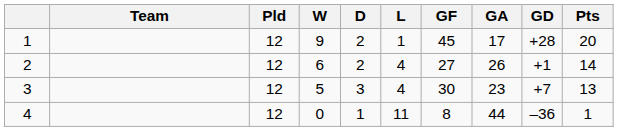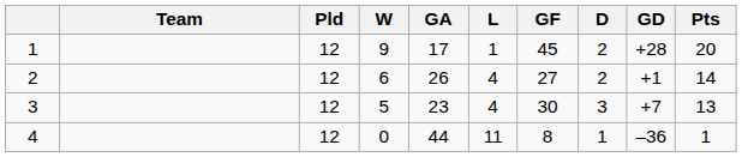 <table class="wikitable" style="text-align: center;">
 <tr>
 <th style="width: 40px;"></th>
 <th style="width: 200px;">Team</th>
 <th style="width: 45px;">Pld</th>
 <th style="width: 35px;">W</th>
-<th style="width: 35px;">D</th>
+<th style="width: 45px;">GA</th>
 <th style="width: 35px;">L</th>
 <th style="width: 45px;">GF</th>
-<th style="width: 45px;">GA</th>
+<th style="width: 35px;">D</th>
 <th style="width: 35px;">GD</th>
 <th style="width: 45px;">Pts</th>
 </tr>
 <tr>
 <td>1</td>
 <td style="text-align: left;"></td>
 <td>12</td>
 <td>9</td>
-<td>2</td>
+<td>17</td>
 <td>1</td>
 <td>45</td>
-<td>17</td>
+<td>2</td>
 <td>+28</td>
 <td>20</td>
 </tr>
 <tr>
 <td>2</td>
 <td style="text-align: left;"></td>
 <td>12</td>
 <td>6</td>
-<td>2</td>
+<td>26</td>
 <td>4</td>
 <td>27</td>
-<td>26</td>
+<td>2</td>
 <td>+1</td>
 <td>14</td>
 </tr>
 <tr>
 <td>3</td>
 <td style="text-align: left;"></td>
 <td>12</td>
 <td>5</td>
-<td>3</td>
+<td>23</td>
 <td>4</td>
 <td>30</td>
-<td>23</td>
+<td>3</td>
 <td>+7</td>
 <td>13</td>
 </tr>
 <tr>
 <td>4</td>
 <td style="text-align: left;"></td>
 <td>12</td>
 <td>0</td>
-<td>1</td>
+<td>44</td>
 <td>11</td>
 <td>8</td>
-<td>44</td>
+<td>1</td>
 <td>–36</td>
 <td>1</td>
 </tr>
 </table>
